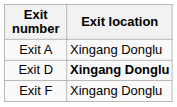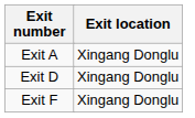 <table class="wikitable">
 <tr>
 <th style="width:70px" colspan="2">Exit number</th>
 <th>Exit location</th>
 </tr>
 <tr>
 <td align="center" colspan="2">Exit A</td>
 <td>Xingang Donglu</td>
 </tr>
 <tr>
 <td align="center" colspan="2">Exit D</td>
-<td><strong>Xingang Donglu</strong></td>
+<td>Xingang Donglu</td>
 </tr>
 <tr>
 <td align="center" colspan="2">Exit F</td>
 <td>Xingang Donglu</td>
 </tr>
 </table>
